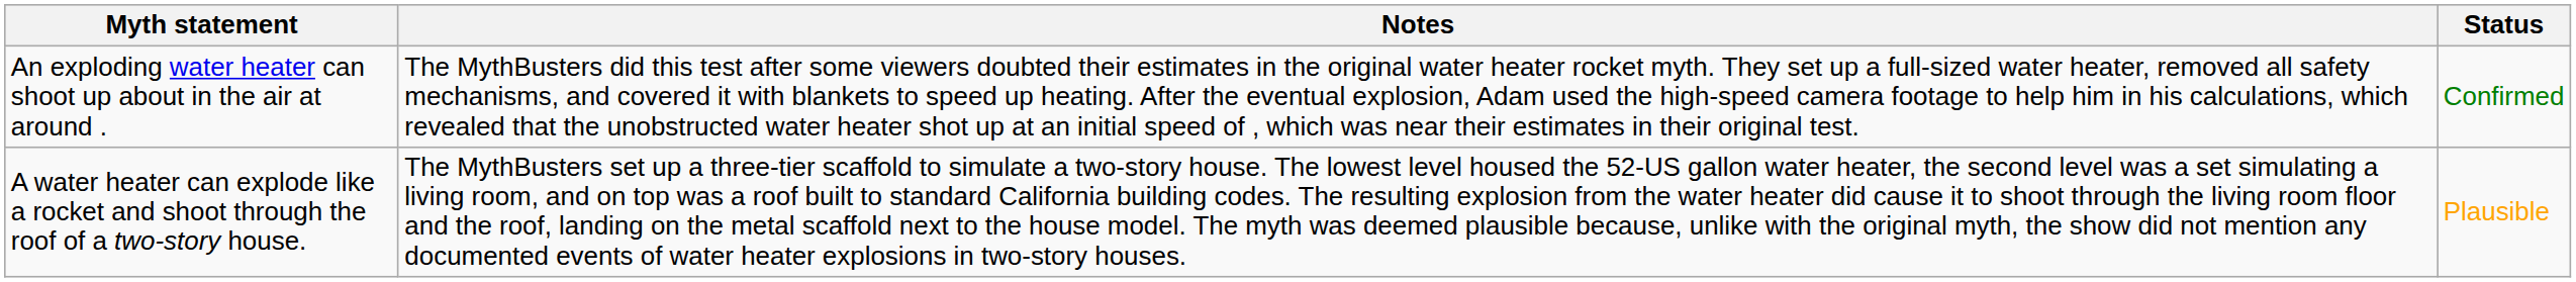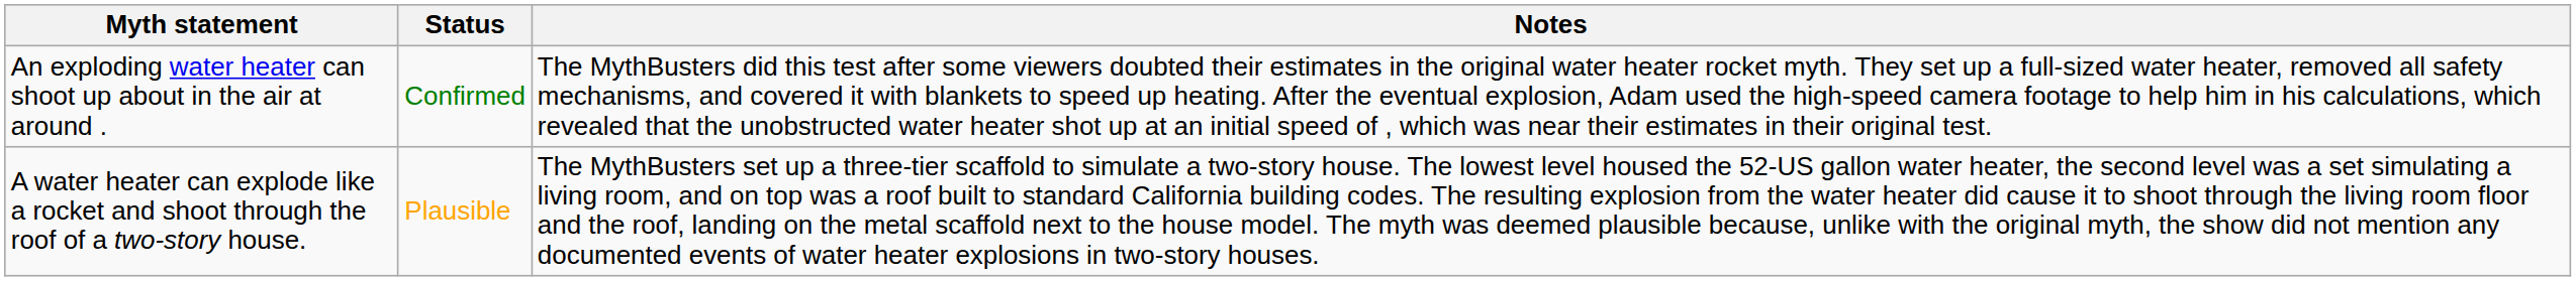 <table class="wikitable plainrowheaders">
 <tr>
 <th>Myth statement</th>
+<th>Status</th>
 <th>Notes</th>
-<th>Status</th>
 </tr>
 <tr>
 <td>An exploding <a href='#'>water heater</a> can shoot up about  in the air at around .</td>
+<td style="color:green">Confirmed</td>
 <td>The MythBusters did this test after some viewers doubted their estimates in the original water heater rocket myth. They set up a full-sized  water heater, removed all safety mechanisms, and covered it with blankets to speed up heating. After the eventual explosion, Adam used the high-speed camera footage to help him in his calculations, which revealed that the unobstructed water heater shot up  at an initial speed of , which was near their estimates in their original test.</td>
-<td style="color:green">Confirmed</td>
 </tr>
 <tr>
 <td>A water heater can explode like a rocket and shoot through the roof of a <em>two-story</em> house.</td>
+<td style="color:orange">Plausible</td>
 <td>The MythBusters set up a three-tier scaffold to simulate a two-story house. The lowest level housed the 52-US gallon water heater, the second level was a set simulating a living room, and on top was a roof built to standard California building codes. The resulting explosion from the water heater did cause it to shoot through the living room floor and the roof, landing on the metal scaffold next to the house model. The myth was deemed plausible because, unlike with the original myth, the show did not mention any documented events of water heater explosions in two-story houses.</td>
-<td style="color:orange">Plausible</td>
 </tr>
 </table>
